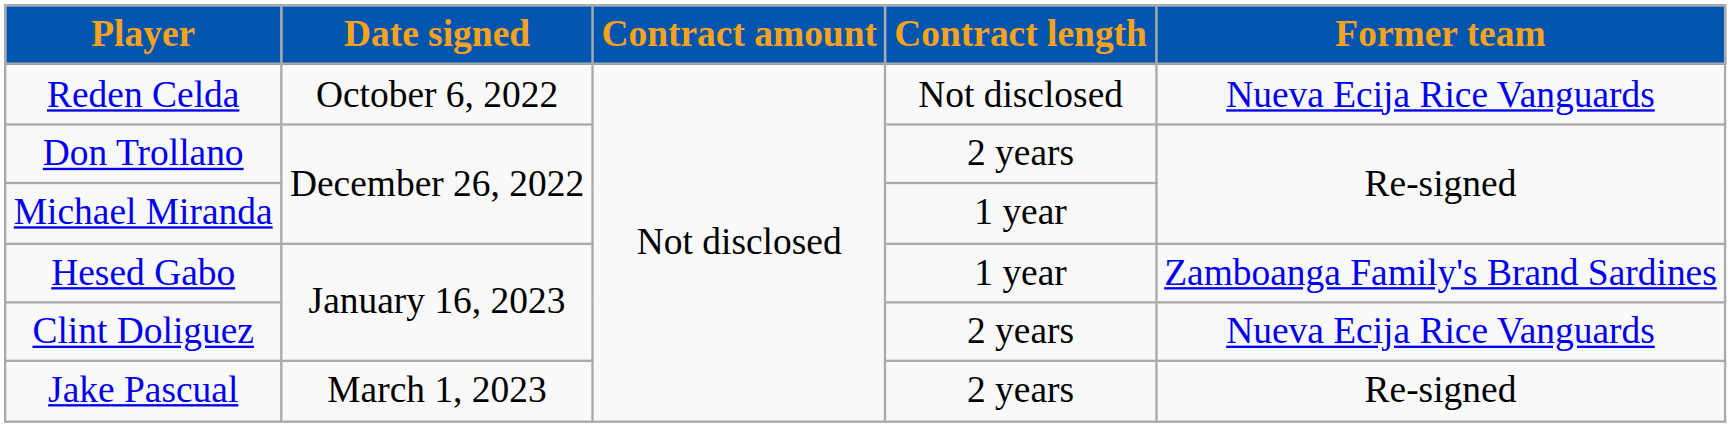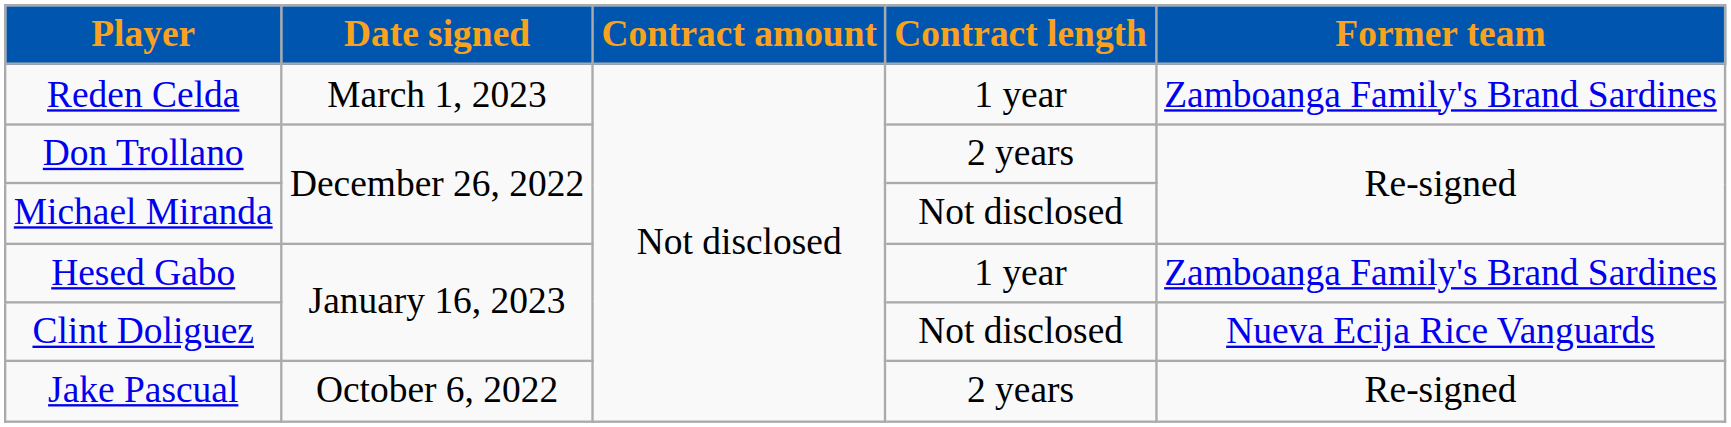 <table class="wikitable sortable sortable">
 <tr>
 <th style="background:#0055AF; color:#F9A21D; ">Player</th>
 <th style="background:#0055AF; color:#F9A21D; ">Date signed</th>
 <th style="background:#0055AF; color:#F9A21D; ">Contract amount</th>
 <th style="background:#0055AF; color:#F9A21D; ">Contract length</th>
 <th style="background:#0055AF; color:#F9A21D; ">Former team</th>
 </tr>
 <tr>
 <td align=center><a href='#'>Reden Celda</a></td>
-<td align=center>October 6, 2022</td>
+<td align=center>March 1, 2023</td>
 <td align=center rowspan=6>Not disclosed</td>
-<td align=center>Not disclosed</td>
-<td align=center><a href='#'>Nueva Ecija Rice Vanguards</a> </td>
+<td align=center>1 year</td>
+<td align=center><a href='#'>Zamboanga Family's Brand Sardines</a> </td>
 </tr>
 <tr>
 <td align=center><a href='#'>Don Trollano</a></td>
 <td align=center rowspan=2>December 26, 2022</td>
 <td align=center>2 years</td>
 <td align=center rowspan=2>Re-signed</td>
 </tr>
 <tr>
 <td align=center><a href='#'>Michael Miranda</a></td>
-<td align=center>1 year</td>
+<td align=center>Not disclosed</td>
 </tr>
 <tr>
 <td align=center><a href='#'>Hesed Gabo</a></td>
 <td align=center rowspan=2>January 16, 2023</td>
 <td align=center>1 year</td>
 <td align=center><a href='#'>Zamboanga Family's Brand Sardines</a> </td>
 </tr>
 <tr>
 <td align=center><a href='#'>Clint Doliguez</a></td>
-<td align=center>2 years</td>
+<td align=center>Not disclosed</td>
 <td align=center><a href='#'>Nueva Ecija Rice Vanguards</a> </td>
 </tr>
 <tr>
 <td align=center><a href='#'>Jake Pascual</a></td>
-<td align=center>March 1, 2023</td>
+<td align=center>October 6, 2022</td>
 <td align=center>2 years</td>
 <td align=center rowspan=2>Re-signed</td>
 </tr>
 </table>
